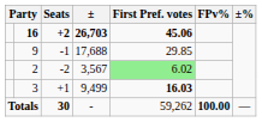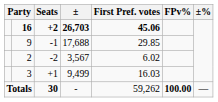 <table class=wikitable>
 <tr>
 <th colspan=2 align=center>Party</th>
 <th valign=top>Seats</th>
 <th valign=top>±</th>
 <th valign=top>First Pref. votes</th>
 <th valign=top>FPv%</th>
 <th valign=top>±%</th>
 </tr>
 <tr>
 <td></td>
 <td align=right><strong>16</strong></td>
 <td align=right><strong>+2</strong></td>
 <td align=right><strong>26,703</strong></td>
 <td align=right><strong>45.06</strong></td>
 <td align=right></td>
 </tr>
 <tr>
 <td></td>
 <td align=right>9</td>
 <td align=right>-1</td>
 <td align=right>17,688</td>
 <td align=right>29.85</td>
 <td align=right></td>
 </tr>
 <tr>
 <td></td>
 <td align=right>2</td>
 <td align=right>-2</td>
 <td align=right>3,567</td>
-<td align=right style="background: lightgreen;">6.02</td>
+<td align=right>6.02</td>
 <td align=right></td>
 </tr>
 <tr>
 <td></td>
 <td align=right>3</td>
 <td align=right>+1</td>
 <td align=right>9,499</td>
-<td align=right><strong>16.03</strong></td>
+<td align=right>16.03</td>
 <td align=right></td>
 </tr>
 <tr>
 <td colspan=2 align=center><strong>Totals</strong></td>
 <td align=right><strong>30</strong></td>
 <td align=center>-</td>
 <td align=right>59,262</td>
 <td align=center><strong>100.00</strong></td>
 <td align=center>—</td>
 </tr>
 </table>
